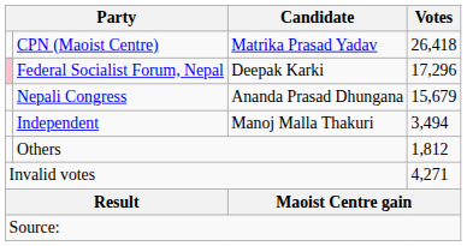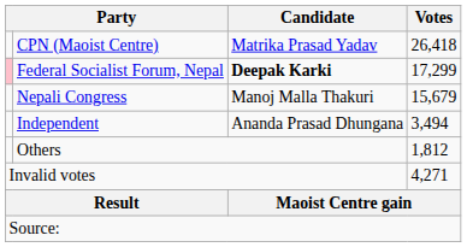 <table class="wikitable">
 <tr>
 <th colspan="2">Party</th>
 <th>Candidate</th>
 <th>Votes</th>
 </tr>
 <tr>
 <td style="background-color:"></td>
 <td><a href='#'>CPN (Maoist Centre)</a></td>
 <td><a href='#'>Matrika Prasad Yadav</a></td>
 <td>26,418</td>
 </tr>
 <tr>
 <td style="background-color:#ffc0cb"></td>
 <td><a href='#'>Federal Socialist Forum, Nepal</a></td>
-<td>Deepak Karki</td>
-<td>17,296</td>
+<td><strong>Deepak Karki</strong></td>
+<td>17,299</td>
 </tr>
 <tr>
 <td style="background-color:"></td>
 <td><a href='#'>Nepali Congress</a></td>
-<td>Ananda Prasad Dhungana</td>
+<td>Manoj Malla Thakuri</td>
 <td>15,679</td>
 </tr>
 <tr>
 <td style="background-color:"></td>
 <td><a href='#'>Independent</a></td>
-<td>Manoj Malla Thakuri</td>
+<td>Ananda Prasad Dhungana</td>
 <td>3,494</td>
 </tr>
 <tr>
 <td></td>
 <td colspan="2">Others</td>
 <td>1,812</td>
 </tr>
 <tr>
 <td colspan="3">Invalid votes</td>
 <td>4,271</td>
 </tr>
 <tr>
 <th colspan="2">Result</th>
 <th colspan="2">Maoist Centre gain</th>
 </tr>
 <tr>
 <td colspan="4">Source: </td>
 </tr>
 </table>
